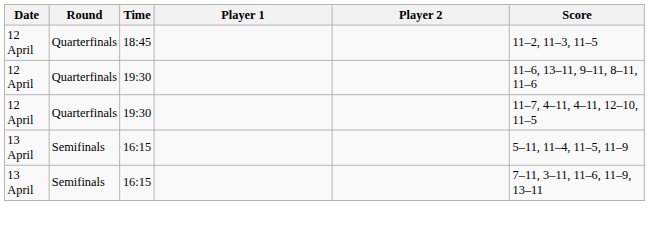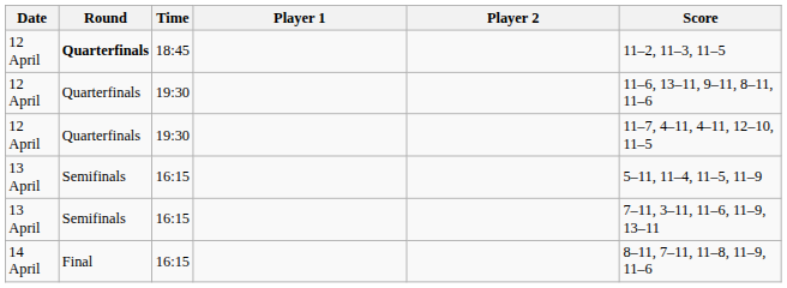 <table class="sortable wikitable" style="font-size:90%">
 <tr>
 <th width="45" class="unsortable">Date</th>
 <th width="55">Round</th>
 <th width="30">Time</th>
 <th width="200">Player 1</th>
 <th width="200">Player 2</th>
 <th width="150" class="unsortable">Score</th>
 </tr>
 <tr>
 <td>12 April</td>
-<td>Quarterfinals</td>
+<td><strong>Quarterfinals</strong></td>
 <td>18:45</td>
 <td></td>
 <td><strong></strong></td>
 <td>11–2, 11–3, 11–5</td>
 </tr>
 <tr>
 <td>12 April</td>
 <td>Quarterfinals</td>
 <td>19:30</td>
 <td></td>
 <td><strong></strong></td>
 <td>11–6, 13–11, 9–11, 8–11, 11–6</td>
 </tr>
 <tr>
 <td>12 April</td>
 <td>Quarterfinals</td>
 <td>19:30</td>
 <td><strong></strong></td>
 <td></td>
 <td>11–7, 4–11, 4–11, 12–10, 11–5</td>
 </tr>
 <tr>
 <td>13 April</td>
 <td>Semifinals</td>
 <td>16:15</td>
 <td></td>
 <td><strong></strong></td>
 <td>5–11, 11–4, 11–5, 11–9</td>
 </tr>
 <tr>
 <td>13 April</td>
 <td>Semifinals</td>
 <td>16:15</td>
 <td></td>
 <td><strong></strong></td>
 <td>7–11, 3–11, 11–6, 11–9, 13–11</td>
 </tr>
+<tr>
+<td>14 April</td>
+<td>Final</td>
+<td>16:15</td>
+<td></td>
+<td><strong></strong></td>
+<td>8–11, 7–11, 11–8, 11–9, 11–6</td>
+</tr>
 </table>
